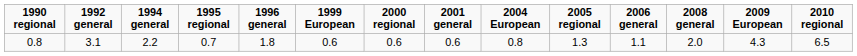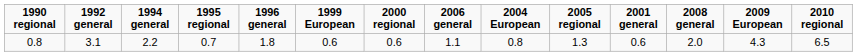 <table class="wikitable" style="text-align:center">
 <tr>
 <td><strong>1990 regional</strong></td>
 <td><strong>1992 general</strong></td>
 <td><strong>1994 general</strong></td>
 <td><strong>1995 regional</strong></td>
 <td><strong>1996 general</strong></td>
 <td><strong>1999 European</strong></td>
 <td><strong>2000 regional</strong></td>
-<td><strong>2001 general</strong></td>
+<td><strong>2006 general</strong></td>
 <td><strong>2004 European</strong></td>
 <td><strong>2005 regional</strong></td>
-<td><strong>2006 general</strong></td>
+<td><strong>2001 general</strong></td>
 <td><strong>2008 general</strong></td>
 <td><strong>2009 European</strong></td>
 <td><strong>2010 regional</strong></td>
 </tr>
 <tr>
 <td>0.8</td>
 <td>3.1</td>
 <td>2.2</td>
 <td>0.7</td>
 <td>1.8</td>
 <td>0.6</td>
 <td>0.6</td>
-<td>0.6</td>
+<td>1.1</td>
 <td>0.8</td>
 <td>1.3</td>
-<td>1.1</td>
+<td>0.6</td>
 <td>2.0</td>
 <td>4.3</td>
 <td>6.5</td>
 </tr>
 </table>
